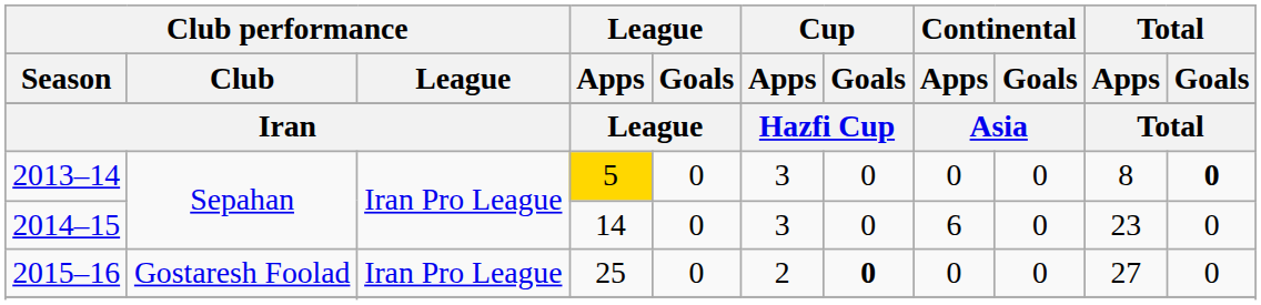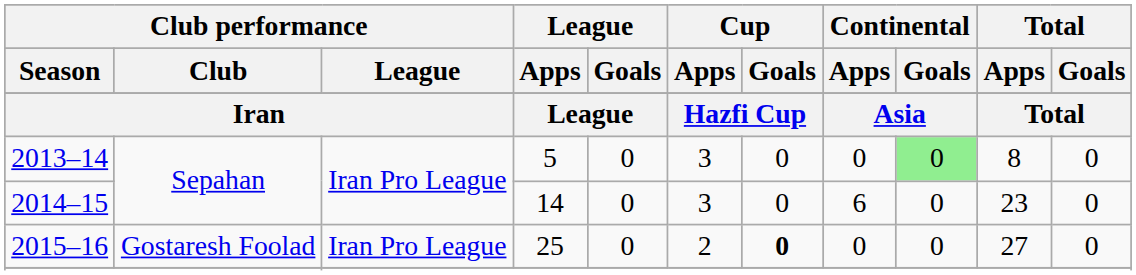 <table class="wikitable" style="text-align:center">
 <tr>
 <th colspan=3>Club performance</th>
 <th colspan=2>League</th>
 <th colspan=2>Cup</th>
 <th colspan=2>Continental</th>
 <th colspan=2>Total</th>
 </tr>
 <tr>
 <th>Season</th>
 <th>Club</th>
 <th>League</th>
 <th>Apps</th>
 <th>Goals</th>
 <th>Apps</th>
 <th>Goals</th>
 <th>Apps</th>
 <th>Goals</th>
 <th>Apps</th>
 <th>Goals</th>
 </tr>
 <tr>
 </tr>
 <tr>
 <th colspan=3>Iran</th>
 <th colspan=2>League</th>
 <th colspan=2><a href='#'>Hazfi Cup</a></th>
 <th colspan=2><a href='#'>Asia</a></th>
 <th colspan=2>Total</th>
 </tr>
 <tr>
 <td><a href='#'>2013–14</a></td>
 <td rowspan="2"><a href='#'>Sepahan</a></td>
 <td rowspan="2"><a href='#'>Iran Pro League</a></td>
-<td style="background: gold;">5</td>
+<td>5</td>
 <td>0</td>
 <td>3</td>
 <td>0</td>
 <td>0</td>
+<td style="background: lightgreen;">0</td>
+<td>8</td>
 <td>0</td>
-<td>8</td>
-<td><strong>0</strong></td>
 </tr>
 <tr>
 <td><a href='#'>2014–15</a></td>
 <td>14</td>
 <td>0</td>
 <td>3</td>
 <td>0</td>
 <td>6</td>
 <td>0</td>
 <td>23</td>
 <td>0</td>
 </tr>
 <tr>
 <td><a href='#'>2015–16</a></td>
 <td rowspan="2"><a href='#'>Gostaresh Foolad</a></td>
 <td rowspan="2"><a href='#'>Iran Pro League</a></td>
 <td>25</td>
 <td>0</td>
 <td>2</td>
 <td><strong>0</strong></td>
 <td>0</td>
 <td>0</td>
 <td>27</td>
 <td>0</td>
 </tr>
 <tr>
 </tr>
 <tr>
 </tr>
 </table>
